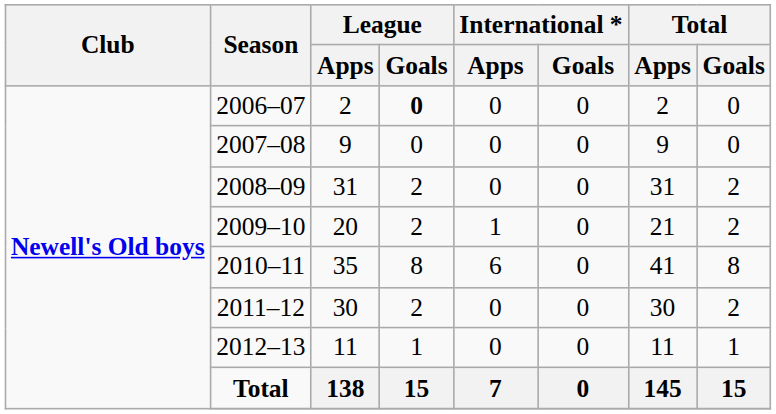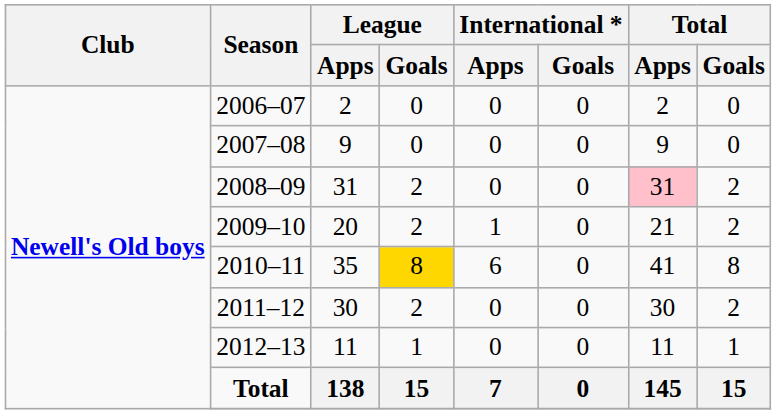 <table align="center" class="wikitable" style="text-align: center;margin:1em auto;">
 <tr>
 <th rowspan="2">Club</th>
 <th rowspan="2">Season</th>
 <th colspan="2">League</th>
 <th colspan="2">International *</th>
 <th colspan="2">Total</th>
 </tr>
 <tr>
 <th>Apps</th>
 <th>Goals</th>
 <th>Apps</th>
 <th>Goals</th>
 <th>Apps</th>
 <th>Goals</th>
 </tr>
 <tr>
 <td rowspan="9" align=center valign=center><strong><a href='#'>Newell's Old boys</a></strong><br><small></small></td>
 <td>2006–07</td>
 <td>2</td>
-<td><strong>0</strong></td>
+<td>0</td>
 <td>0</td>
 <td>0</td>
 <td>2</td>
 <td>0</td>
 </tr>
 <tr>
 <td>2007–08</td>
 <td>9</td>
 <td>0</td>
 <td>0</td>
 <td>0</td>
 <td>9</td>
 <td>0</td>
 </tr>
 <tr>
 <td>2008–09</td>
 <td>31</td>
 <td>2</td>
 <td>0</td>
 <td>0</td>
-<td>31</td>
+<td style="background: pink;">31</td>
 <td>2</td>
 </tr>
 <tr>
 <td>2009–10</td>
 <td>20</td>
 <td>2</td>
 <td>1</td>
 <td>0</td>
 <td>21</td>
 <td>2</td>
 </tr>
 <tr>
 <td>2010–11</td>
 <td>35</td>
-<td>8</td>
+<td style="background: gold;">8</td>
 <td>6</td>
 <td>0</td>
 <td>41</td>
 <td>8</td>
 </tr>
 <tr>
 <td>2011–12</td>
 <td>30</td>
 <td>2</td>
 <td>0</td>
 <td>0</td>
 <td>30</td>
 <td>2</td>
 </tr>
 <tr>
 <td>2012–13</td>
 <td>11</td>
 <td>1</td>
 <td>0</td>
 <td>0</td>
 <td>11</td>
 <td>1</td>
 </tr>
 <tr>
 <td><strong>Total</strong></td>
 <th>138</th>
 <th>15</th>
 <th>7</th>
 <th>0</th>
 <th>145</th>
 <th>15</th>
 </tr>
 <tr>
 </tr>
 </table>
